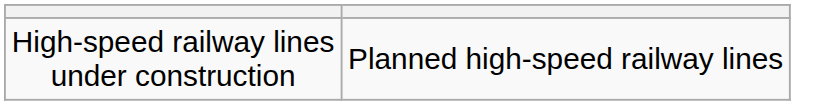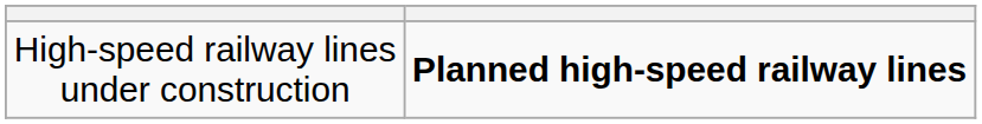 <table class="wikitable",>
 <tr>
 <th></th>
 <th></th>
 </tr>
 <tr>
 <td style="text-align: center;">High-speed railway lines<br>under construction</td>
-<td style="text-align: center;">Planned high-speed railway lines</td>
+<td style="text-align: center;"><strong>Planned high-speed railway lines</strong></td>
 </tr>
 </table>
